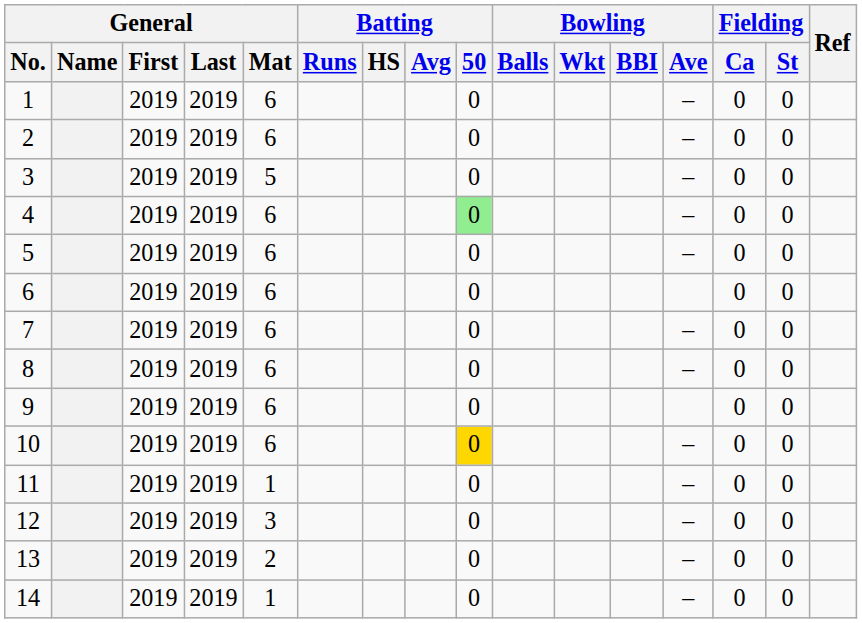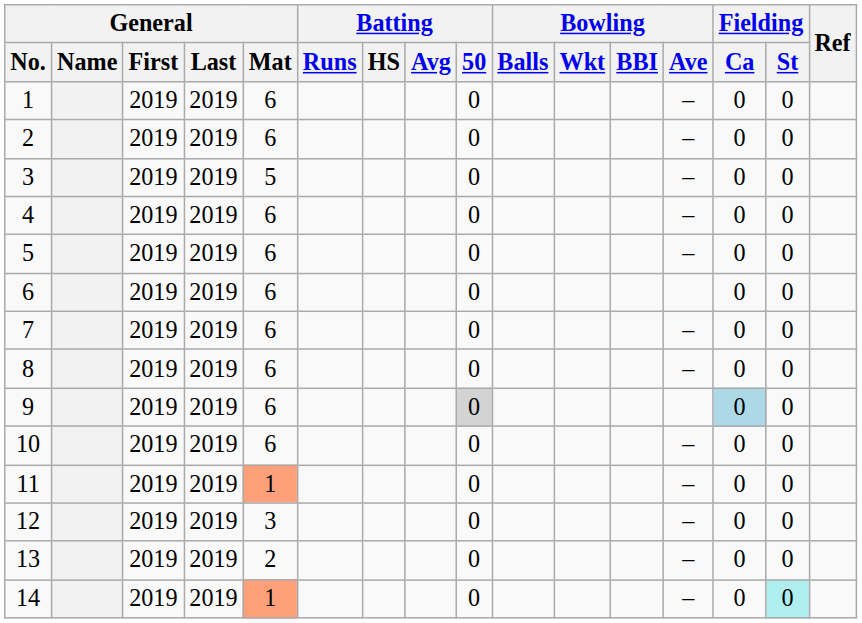 <table class="wikitable plainrowheaders sortable">
 <tr align="center">
 <th scope="col" colspan=5 class="unsortable">General</th>
 <th scope="col" colspan=4 class="unsortable"><a href='#'>Batting</a></th>
 <th scope="col" colspan=4 class="unsortable"><a href='#'>Bowling</a></th>
 <th scope="col" colspan=2 class="unsortable"><a href='#'>Fielding</a></th>
 <th scope="col" rowspan=2 class="unsortable">Ref</th>
 </tr>
 <tr align="center">
 <th scope="col">No.</th>
 <th scope="col">Name</th>
 <th scope="col">First</th>
 <th scope="col">Last</th>
 <th scope="col">Mat</th>
 <th scope="col"><a href='#'>Runs</a></th>
 <th scope="col">HS</th>
 <th scope="col"><a href='#'>Avg</a></th>
 <th scope="col"><a href='#'>50</a></th>
 <th scope="col"><a href='#'>Balls</a></th>
 <th scope="col"><a href='#'>Wkt</a></th>
 <th scope="col"><a href='#'>BBI</a></th>
 <th scope="col"><a href='#'>Ave</a></th>
 <th scope="col"><a href='#'>Ca</a></th>
 <th scope="col"><a href='#'>St</a></th>
 </tr>
 <tr align="center">
 <td>1</td>
 <th scope="row"></th>
 <td>2019</td>
 <td>2019</td>
 <td>6</td>
 <td></td>
 <td></td>
 <td></td>
 <td>0</td>
 <td></td>
 <td></td>
 <td></td>
 <td>–</td>
 <td>0</td>
 <td>0</td>
 <td></td>
 </tr>
 <tr align="center">
 <td>2</td>
 <th scope="row"></th>
 <td>2019</td>
 <td>2019</td>
 <td>6</td>
 <td></td>
 <td></td>
 <td></td>
 <td>0</td>
 <td></td>
 <td></td>
 <td></td>
 <td>–</td>
 <td>0</td>
 <td>0</td>
 <td></td>
 </tr>
 <tr align="center">
 <td>3</td>
 <th scope="row"></th>
 <td>2019</td>
 <td>2019</td>
 <td>5</td>
 <td></td>
 <td></td>
 <td></td>
 <td>0</td>
 <td></td>
 <td></td>
 <td></td>
 <td>–</td>
 <td>0</td>
 <td>0</td>
 <td></td>
 </tr>
 <tr align="center">
 <td>4</td>
 <th scope="row"></th>
 <td>2019</td>
 <td>2019</td>
 <td>6</td>
 <td></td>
 <td></td>
 <td></td>
-<td style="background: lightgreen;">0</td>
+<td>0</td>
 <td></td>
 <td></td>
 <td></td>
 <td>–</td>
 <td>0</td>
 <td>0</td>
 <td></td>
 </tr>
 <tr align="center">
 <td>5</td>
 <th scope="row"></th>
 <td>2019</td>
 <td>2019</td>
 <td>6</td>
 <td></td>
 <td></td>
 <td></td>
 <td>0</td>
 <td></td>
 <td></td>
 <td></td>
 <td>–</td>
 <td>0</td>
 <td>0</td>
 <td></td>
 </tr>
 <tr align="center">
 <td>6</td>
 <th scope="row"></th>
 <td>2019</td>
 <td>2019</td>
 <td>6</td>
 <td></td>
 <td></td>
 <td></td>
 <td>0</td>
 <td></td>
 <td></td>
 <td></td>
 <td></td>
 <td>0</td>
 <td>0</td>
 <td></td>
 </tr>
 <tr align="center">
 <td>7</td>
 <th scope="row"></th>
 <td>2019</td>
 <td>2019</td>
 <td>6</td>
 <td></td>
 <td></td>
 <td></td>
 <td>0</td>
 <td></td>
 <td></td>
 <td></td>
 <td>–</td>
 <td>0</td>
 <td>0</td>
 <td></td>
 </tr>
 <tr align="center">
 <td>8</td>
 <th scope="row"></th>
 <td>2019</td>
 <td>2019</td>
 <td>6</td>
 <td></td>
 <td></td>
 <td></td>
 <td>0</td>
 <td></td>
 <td></td>
 <td></td>
 <td>–</td>
 <td>0</td>
 <td>0</td>
 <td></td>
 </tr>
 <tr align="center">
 <td>9</td>
 <th scope="row"></th>
 <td>2019</td>
 <td>2019</td>
 <td>6</td>
 <td></td>
 <td></td>
 <td></td>
-<td>0</td>
+<td style="background: lightgrey;">0</td>
 <td></td>
 <td></td>
 <td></td>
 <td></td>
-<td>0</td>
+<td style="background: lightblue;">0</td>
 <td>0</td>
 <td></td>
 </tr>
 <tr align="center">
 <td>10</td>
 <th scope="row"></th>
 <td>2019</td>
 <td>2019</td>
 <td>6</td>
 <td></td>
 <td></td>
 <td></td>
-<td style="background: gold;">0</td>
+<td>0</td>
 <td></td>
 <td></td>
 <td></td>
 <td>–</td>
 <td>0</td>
 <td>0</td>
 <td></td>
 </tr>
 <tr align="center">
 <td>11</td>
 <th scope="row"></th>
 <td>2019</td>
 <td>2019</td>
-<td>1</td>
+<td style="background: lightsalmon;">1</td>
 <td></td>
 <td></td>
 <td></td>
 <td>0</td>
 <td></td>
 <td></td>
 <td></td>
 <td>–</td>
 <td>0</td>
 <td>0</td>
 <td></td>
 </tr>
 <tr align="center">
 <td>12</td>
 <th scope="row"></th>
 <td>2019</td>
 <td>2019</td>
 <td>3</td>
 <td></td>
 <td></td>
 <td></td>
 <td>0</td>
 <td></td>
 <td></td>
 <td></td>
 <td>–</td>
 <td>0</td>
 <td>0</td>
 <td></td>
 </tr>
 <tr align="center">
 <td>13</td>
 <th scope="row"></th>
 <td>2019</td>
 <td>2019</td>
 <td>2</td>
 <td></td>
 <td></td>
 <td></td>
 <td>0</td>
 <td></td>
 <td></td>
 <td></td>
 <td>–</td>
 <td>0</td>
 <td>0</td>
 <td></td>
 </tr>
 <tr align="center">
 <td>14</td>
 <th scope="row"></th>
 <td>2019</td>
 <td>2019</td>
-<td>1</td>
+<td style="background: lightsalmon;">1</td>
 <td></td>
 <td></td>
 <td></td>
 <td>0</td>
 <td></td>
 <td></td>
 <td></td>
 <td>–</td>
 <td>0</td>
-<td>0</td>
+<td style="background: paleturquoise;">0</td>
 <td></td>
 </tr>
 </table>
